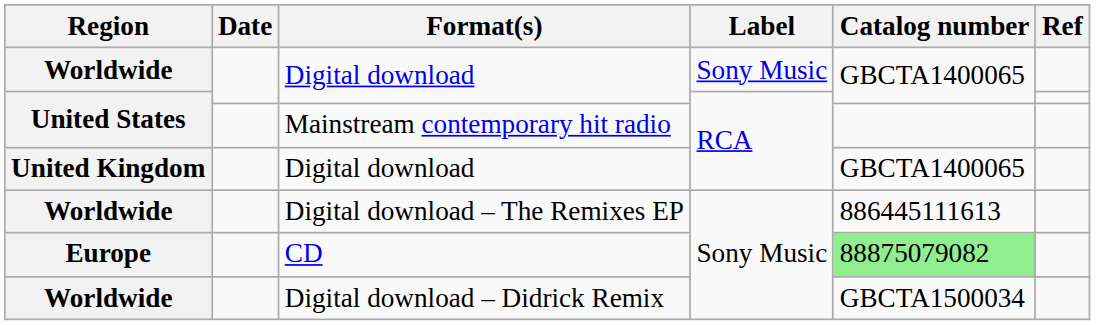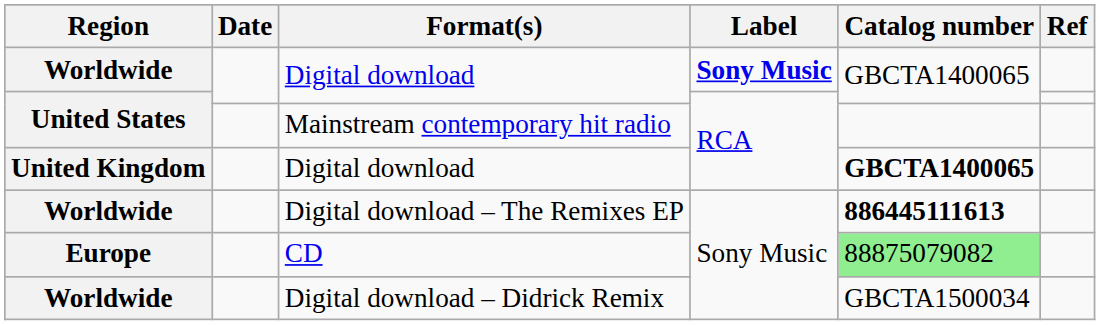 <table class="wikitable plainrowheaders">
 <tr>
 <th scope="col">Region</th>
 <th scope="col">Date</th>
 <th scope="col">Format(s)</th>
 <th scope="col">Label</th>
 <th scope="col">Catalog number</th>
 <th scope="col">Ref</th>
 </tr>
 <tr>
 <th scope="row">Worldwide</th>
 <td rowspan="2"></td>
 <td rowspan="2"><a href='#'>Digital download</a></td>
-<td><a href='#'>Sony Music</a></td>
+<td><strong><a href='#'>Sony Music</a></strong></td>
 <td rowspan="2">GBCTA1400065</td>
 <td></td>
 </tr>
 <tr>
 <th scope="row" rowspan="2">United States</th>
 <td rowspan="3"><a href='#'>RCA</a></td>
 <td></td>
 </tr>
 <tr>
 <td></td>
 <td>Mainstream <a href='#'>contemporary hit radio</a></td>
 <td></td>
 <td></td>
 </tr>
 <tr>
 <th scope="row">United Kingdom</th>
 <td></td>
 <td>Digital download</td>
-<td>GBCTA1400065</td>
+<td><strong>GBCTA1400065</strong></td>
 <td></td>
 </tr>
 <tr>
 <th scope="row">Worldwide</th>
 <td></td>
 <td>Digital download – The Remixes EP</td>
 <td rowspan="3">Sony Music</td>
-<td>886445111613</td>
+<td><strong>886445111613</strong></td>
 <td></td>
 </tr>
 <tr>
 <th scope="row">Europe</th>
 <td></td>
 <td><a href='#'>CD</a></td>
 <td style="background: lightgreen;">88875079082</td>
 <td></td>
 </tr>
 <tr>
 <th scope="row">Worldwide</th>
 <td></td>
 <td>Digital download – Didrick Remix</td>
 <td>GBCTA1500034</td>
 <td></td>
 </tr>
 </table>
